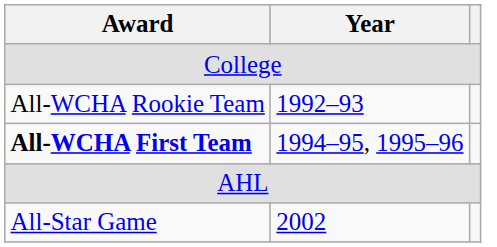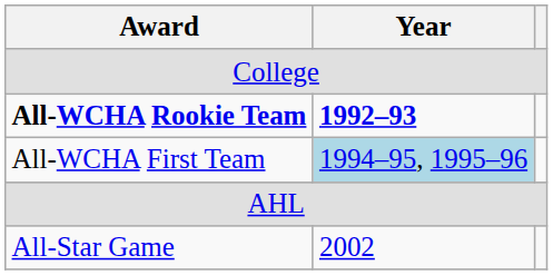 <table class="wikitable">
 <tr>
 <th>Award</th>
 <th>Year</th>
 <th></th>
 </tr>
 <tr ALIGN="center" bgcolor="#e0e0e0">
 <td colspan="3"><a href='#'>College</a></td>
 </tr>
 <tr>
-<td>All-<a href='#'>WCHA</a> <a href='#'>Rookie Team</a></td>
-<td><a href='#'>1992–93</a></td>
+<td><strong>All-<a href='#'>WCHA</a> <a href='#'>Rookie Team</a></strong></td>
+<td><strong><a href='#'>1992–93</a></strong></td>
 <td></td>
 </tr>
 <tr>
-<td><strong>All-<a href='#'>WCHA</a> <a href='#'>First Team</a></strong></td>
-<td><a href='#'>1994–95</a>, <a href='#'>1995–96</a></td>
+<td>All-<a href='#'>WCHA</a> <a href='#'>First Team</a></td>
+<td style="background: lightblue;"><a href='#'>1994–95</a>, <a href='#'>1995–96</a></td>
 <td></td>
 </tr>
 <tr ALIGN="center" bgcolor="#e0e0e0">
 <td colspan="3"><a href='#'>AHL</a></td>
 </tr>
 <tr>
 <td><a href='#'>All-Star Game</a></td>
 <td><a href='#'>2002</a></td>
 <td></td>
 </tr>
 </table>
